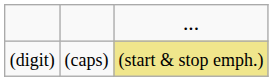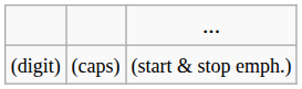 <table class="wikitable" style="line-height: 1.2">
 <tr align=center>
 <td></td>
 <td></td>
 <td>...</td>
 </tr>
 <tr align=center>
 <td><small>(digit)</small></td>
 <td><small>(caps)</small></td>
-<td style="background: khaki;"><small>(start & stop emph.)</small></td>
+<td><small>(start & stop emph.)</small></td>
 </tr>
 </table>
